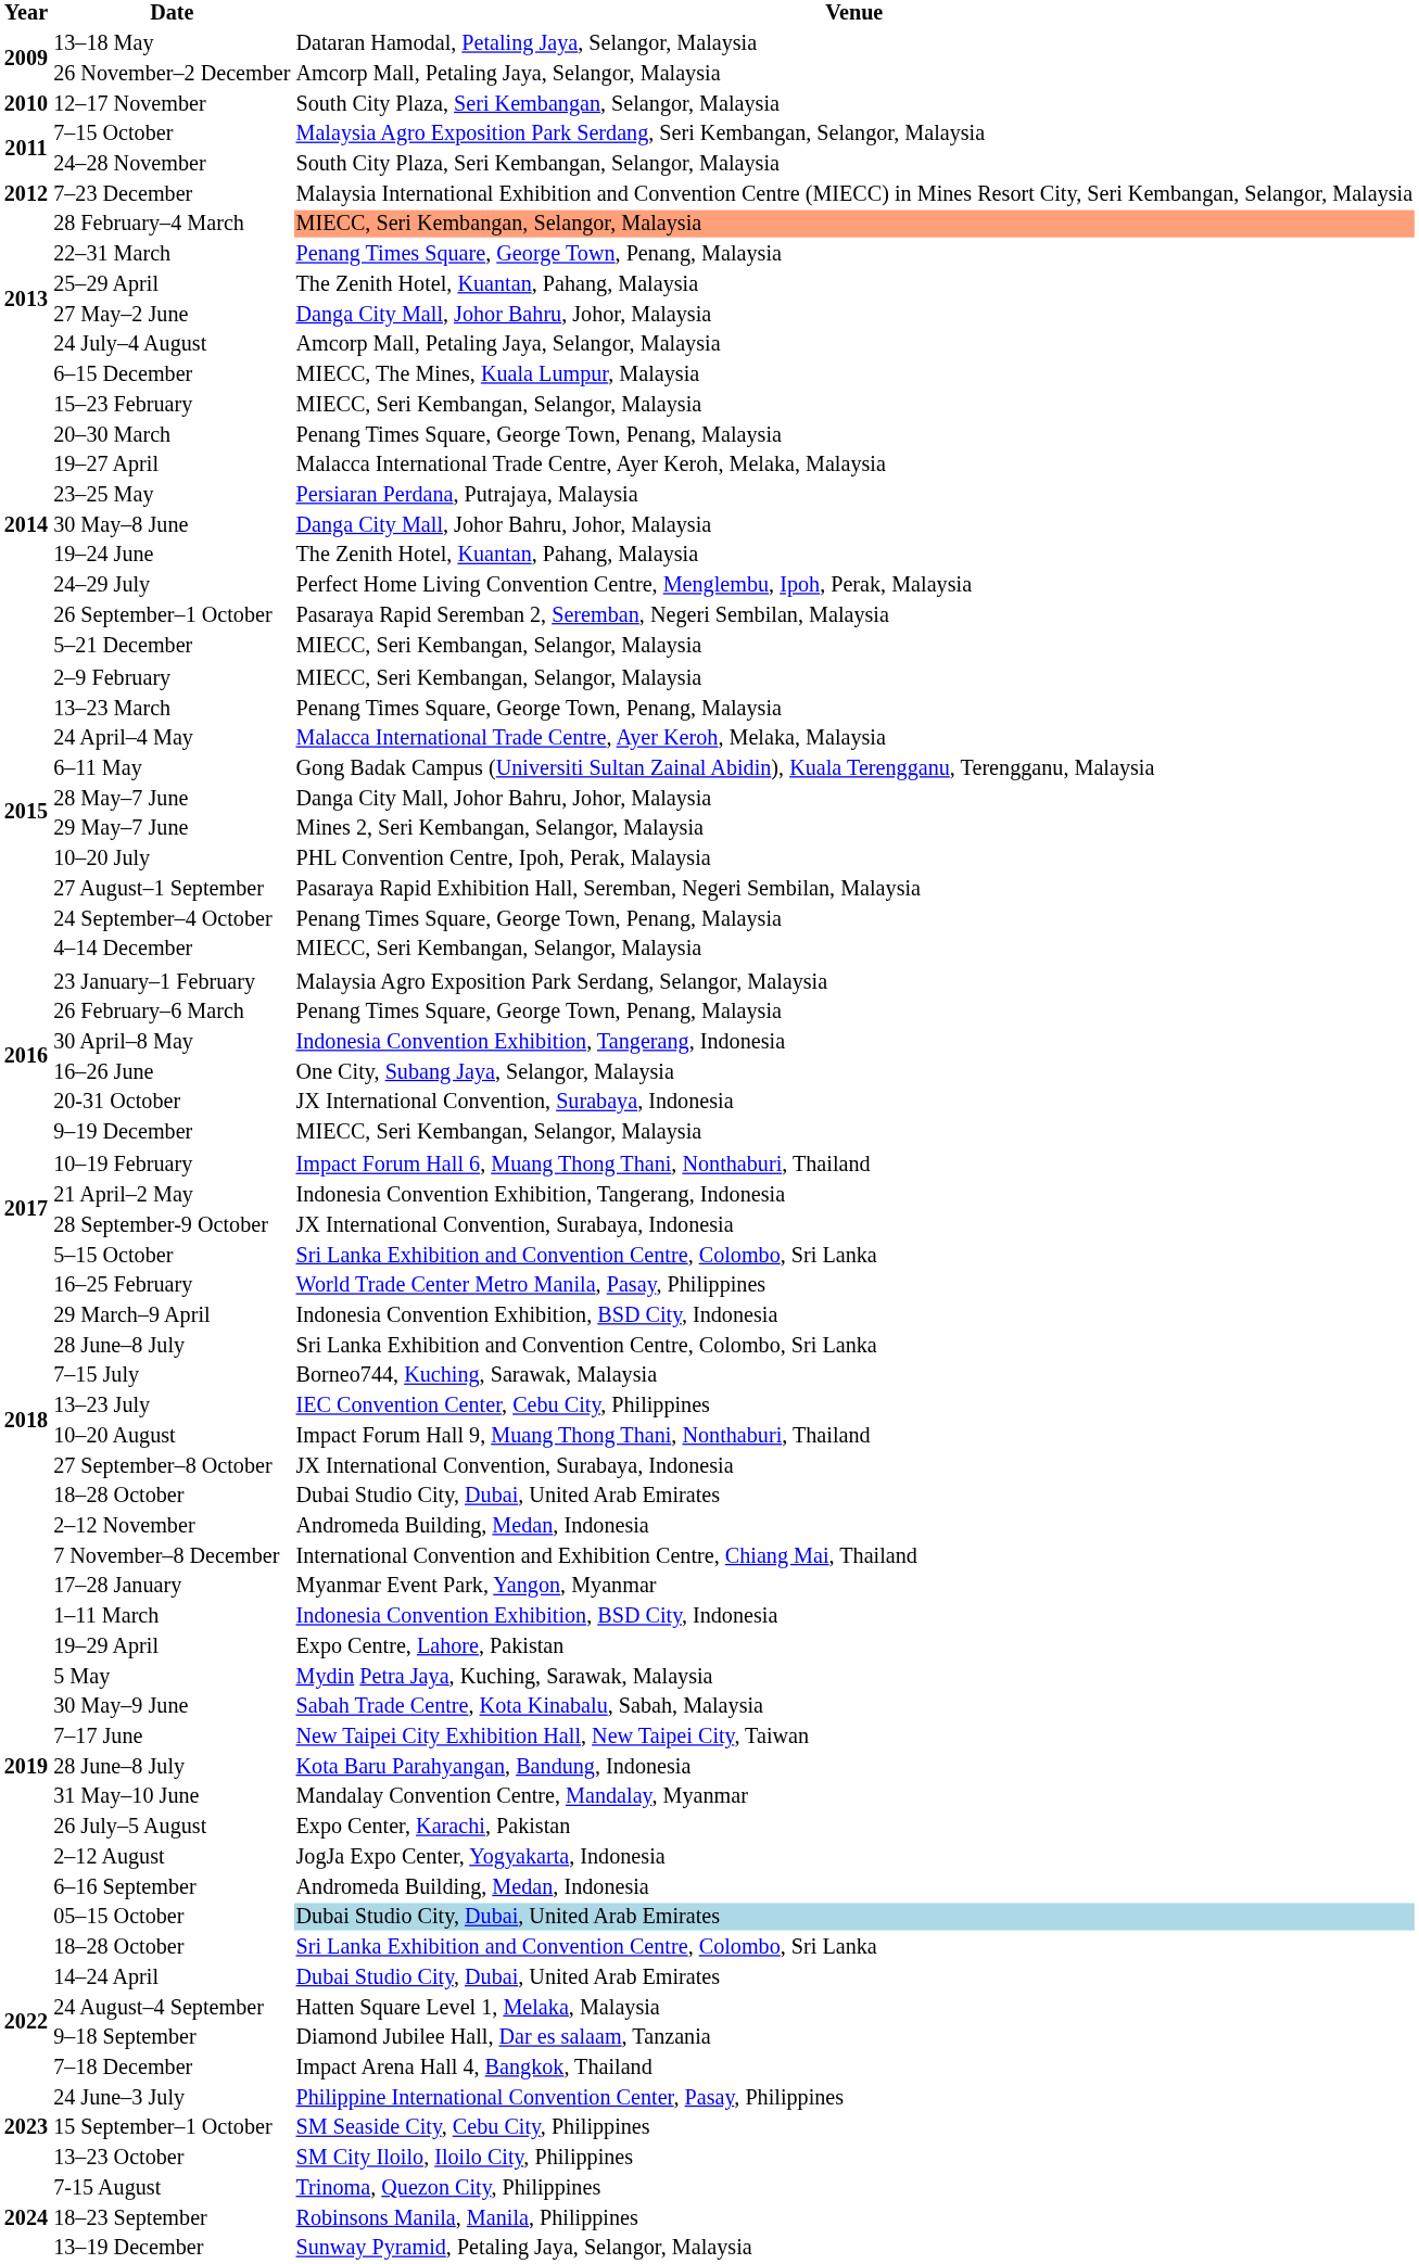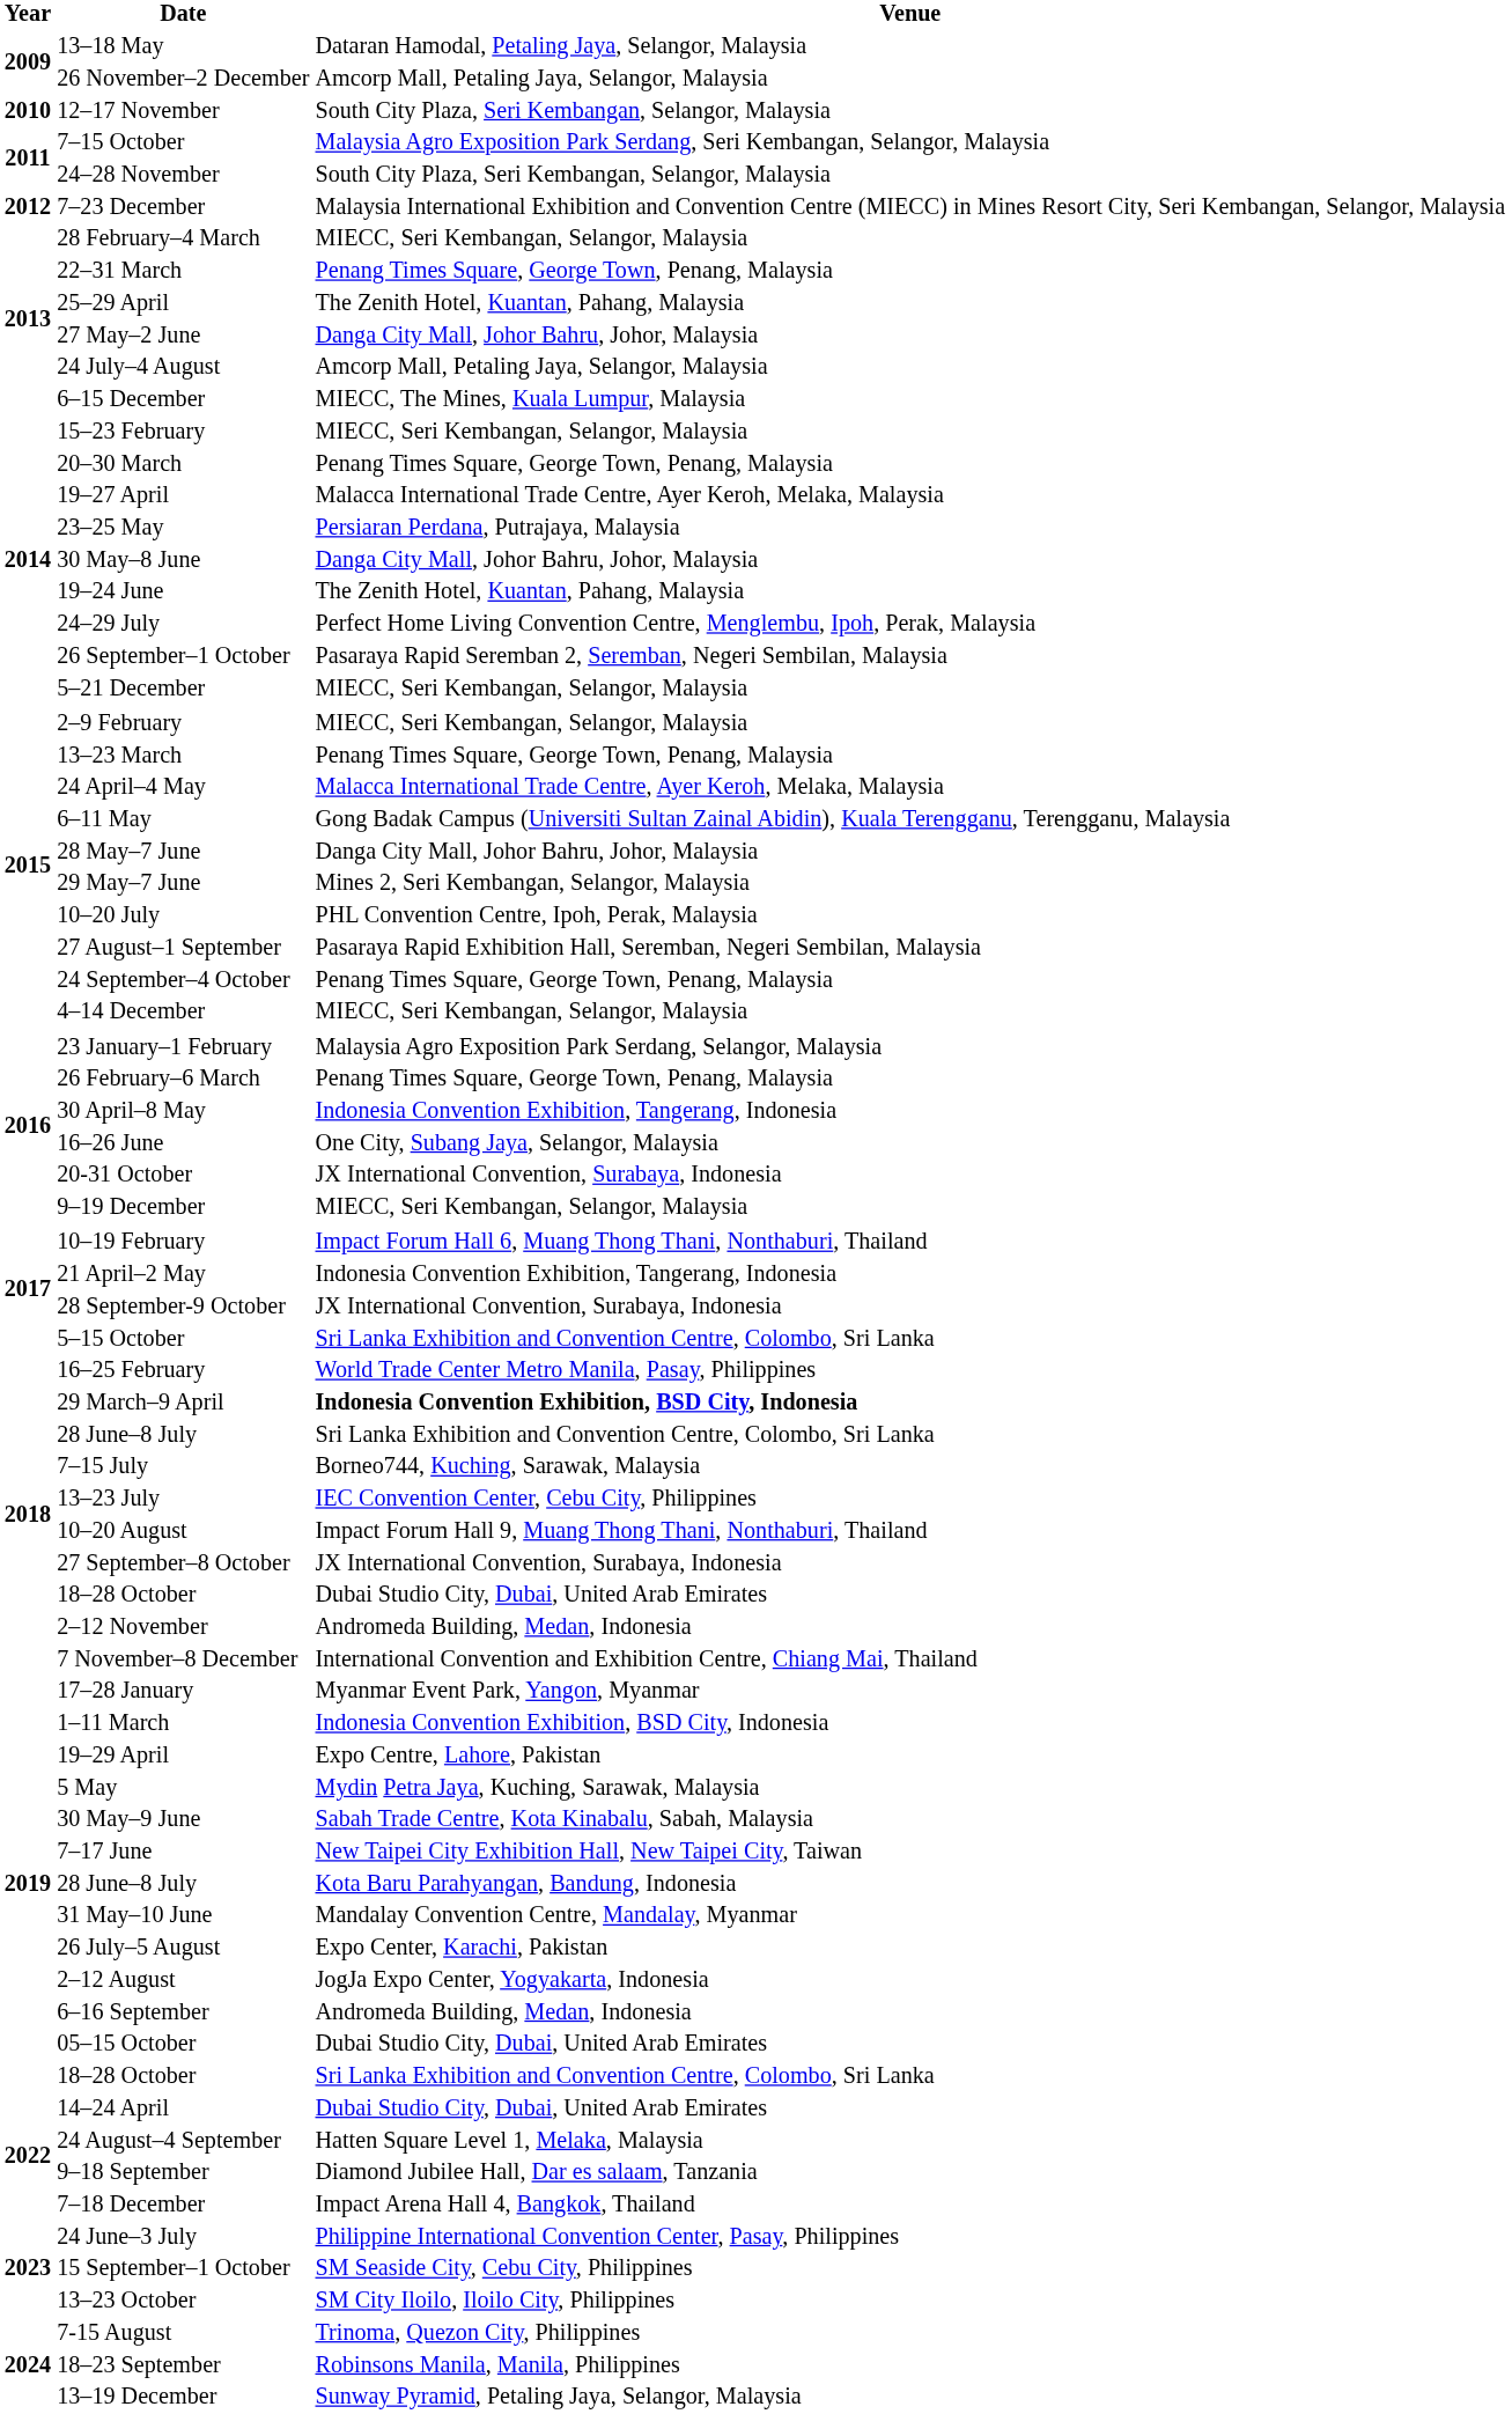 <table>
 <tr>
 <th><strong>Year</strong></th>
 <th><strong>Date</strong></th>
 <th><strong>Venue</strong></th>
 <th><strong></strong></th>
 </tr>
 <tr>
 <th rowspan="2"><strong>2009</strong></th>
 <td>13–18 May</td>
 <td>Dataran Hamodal, <a href='#'>Petaling Jaya</a>, Selangor, Malaysia</td>
 <td></td>
 </tr>
 <tr>
 <td>26 November–2 December</td>
 <td>Amcorp Mall, Petaling Jaya, Selangor, Malaysia</td>
 <td></td>
 </tr>
 <tr>
 <th><strong>2010</strong></th>
 <td>12–17 November</td>
 <td>South City Plaza, <a href='#'>Seri Kembangan</a>, Selangor, Malaysia</td>
 <td></td>
 </tr>
 <tr>
 <th rowspan="2"><strong>2011</strong></th>
 <td>7–15 October</td>
 <td><a href='#'>Malaysia Agro Exposition Park Serdang</a>, Seri Kembangan, Selangor, Malaysia</td>
 <td></td>
 </tr>
 <tr>
 <td>24–28 November</td>
 <td>South City Plaza, Seri Kembangan, Selangor, Malaysia</td>
 <td></td>
 </tr>
 <tr>
 <th><strong>2012</strong></th>
 <td>7–23 December</td>
 <td>Malaysia International Exhibition and Convention Centre (MIECC) in Mines Resort City, Seri Kembangan, Selangor, Malaysia</td>
 <td></td>
 </tr>
 <tr>
 <th rowspan="6"><strong>2013</strong></th>
 <td>28 February–4 March</td>
-<td style="background: lightsalmon;">MIECC, Seri Kembangan, Selangor, Malaysia</td>
+<td>MIECC, Seri Kembangan, Selangor, Malaysia</td>
 <td></td>
 </tr>
 <tr>
 <td>22–31 March</td>
 <td><a href='#'>Penang Times Square</a>, <a href='#'>George Town</a>, Penang, Malaysia</td>
 <td></td>
 </tr>
 <tr>
 <td>25–29 April</td>
 <td>The Zenith Hotel, <a href='#'>Kuantan</a>, Pahang, Malaysia</td>
 <td></td>
 </tr>
 <tr>
 <td>27 May–2 June</td>
 <td><a href='#'>Danga City Mall</a>, <a href='#'>Johor Bahru</a>, Johor, Malaysia</td>
 <td></td>
 </tr>
 <tr>
 <td>24 July–4 August</td>
 <td>Amcorp Mall, Petaling Jaya, Selangor, Malaysia</td>
 <td></td>
 </tr>
 <tr>
 <td>6–15 December</td>
 <td>MIECC, The Mines, <a href='#'>Kuala Lumpur</a>, Malaysia</td>
 <td></td>
 </tr>
 <tr>
 <th rowspan="9"><strong>2014</strong></th>
 <td>15–23 February</td>
 <td>MIECC, Seri Kembangan, Selangor, Malaysia</td>
 <td></td>
 </tr>
 <tr>
 <td>20–30 March</td>
 <td>Penang Times Square, George Town, Penang, Malaysia</td>
 <td></td>
 </tr>
 <tr>
 <td>19–27 April</td>
 <td>Malacca International Trade Centre, Ayer Keroh, Melaka, Malaysia</td>
 <td></td>
 </tr>
 <tr>
 <td>23–25 May</td>
 <td><a href='#'>Persiaran Perdana</a>, Putrajaya, Malaysia</td>
 <td></td>
 </tr>
 <tr>
 <td>30 May–8 June</td>
 <td><a href='#'>Danga City Mall</a>, Johor Bahru, Johor, Malaysia</td>
 <td></td>
 </tr>
 <tr>
 <td>19–24 June</td>
 <td>The Zenith Hotel, <a href='#'>Kuantan</a>, Pahang, Malaysia</td>
 <td></td>
 </tr>
 <tr>
 <td>24–29 July</td>
 <td>Perfect Home Living Convention Centre, <a href='#'>Menglembu</a>, <a href='#'>Ipoh</a>, Perak, Malaysia</td>
 <td></td>
 </tr>
 <tr>
 <td>26 September–1 October</td>
 <td>Pasaraya Rapid Seremban 2, <a href='#'>Seremban</a>, Negeri Sembilan, Malaysia</td>
 <td></td>
 </tr>
 <tr>
 <td>5–21 December</td>
 <td>MIECC, Seri Kembangan, Selangor, Malaysia</td>
 <td></td>
 </tr>
 <tr>
 <th rowspan="11"><strong>2015</strong></th>
 </tr>
 <tr>
 <td>2–9 February</td>
 <td>MIECC, Seri Kembangan, Selangor, Malaysia</td>
 <td></td>
 </tr>
 <tr>
 <td>13–23 March</td>
 <td>Penang Times Square, George Town, Penang, Malaysia</td>
 <td></td>
 </tr>
 <tr>
 <td>24 April–4 May</td>
 <td><a href='#'>Malacca International Trade Centre</a>, <a href='#'>Ayer Keroh</a>, Melaka, Malaysia</td>
 <td></td>
 </tr>
 <tr>
 <td>6–11 May</td>
 <td>Gong Badak Campus (<a href='#'>Universiti Sultan Zainal Abidin</a>), <a href='#'>Kuala Terengganu</a>, Terengganu, Malaysia</td>
 <td></td>
 </tr>
 <tr>
 <td>28 May–7 June</td>
 <td>Danga City Mall, Johor Bahru, Johor, Malaysia</td>
 <td></td>
 </tr>
 <tr>
 <td>29 May–7 June</td>
 <td>Mines 2, Seri Kembangan, Selangor, Malaysia</td>
 <td></td>
 </tr>
 <tr>
 <td>10–20 July</td>
 <td>PHL Convention Centre, Ipoh, Perak, Malaysia</td>
 <td></td>
 </tr>
 <tr>
 <td>27 August–1 September</td>
 <td>Pasaraya Rapid Exhibition Hall, Seremban, Negeri Sembilan, Malaysia</td>
 <td></td>
 </tr>
 <tr>
 <td>24 September–4 October</td>
 <td>Penang Times Square, George Town, Penang, Malaysia</td>
 <td></td>
 </tr>
 <tr>
 <td>4–14 December</td>
 <td>MIECC, Seri Kembangan, Selangor, Malaysia</td>
 <td></td>
 </tr>
 <tr>
 <th rowspan="7"><strong>2016</strong></th>
 </tr>
 <tr>
 <td>23 January–1 February</td>
 <td>Malaysia Agro Exposition Park Serdang, Selangor, Malaysia</td>
 <td></td>
 </tr>
 <tr>
 <td>26 February–6 March</td>
 <td>Penang Times Square, George Town, Penang, Malaysia</td>
 <td></td>
 </tr>
 <tr>
 <td>30 April–8 May</td>
 <td><a href='#'>Indonesia Convention Exhibition</a>, <a href='#'>Tangerang</a>, Indonesia</td>
 <td></td>
 </tr>
 <tr>
 <td>16–26 June</td>
 <td>One City, <a href='#'>Subang Jaya</a>, Selangor, Malaysia</td>
 <td></td>
 </tr>
 <tr>
 <td>20-31 October</td>
 <td>JX International Convention, <a href='#'>Surabaya</a>, Indonesia</td>
 <td></td>
 </tr>
 <tr>
 <td>9–19 December</td>
 <td>MIECC, Seri Kembangan, Selangor, Malaysia</td>
 <td></td>
 </tr>
 <tr>
 <th rowspan="5"><strong>2017</strong></th>
 </tr>
 <tr>
 <td>10–19 February</td>
 <td><a href='#'>Impact Forum Hall 6</a>, <a href='#'>Muang Thong Thani</a>, <a href='#'>Nonthaburi</a>, Thailand</td>
 <td></td>
 </tr>
 <tr>
 <td>21 April–2 May</td>
 <td>Indonesia Convention Exhibition, Tangerang, Indonesia</td>
 <td></td>
 </tr>
 <tr>
 <td>28 September-9 October</td>
 <td>JX International Convention, Surabaya, Indonesia</td>
 <td></td>
 </tr>
 <tr>
 <td>5–15 October</td>
 <td><a href='#'>Sri Lanka Exhibition and Convention Centre</a>, <a href='#'>Colombo</a>, Sri Lanka</td>
 <td></td>
 </tr>
 <tr>
 <th rowspan="10"><strong>2018</strong></th>
 <td>16–25 February</td>
 <td><a href='#'>World Trade Center Metro Manila</a>, <a href='#'>Pasay</a>, Philippines</td>
 <td></td>
 </tr>
 <tr>
 <td>29 March–9 April</td>
-<td>Indonesia Convention Exhibition, <a href='#'>BSD City</a>, Indonesia</td>
+<td><strong>Indonesia Convention Exhibition, <a href='#'>BSD City</a>, Indonesia</strong></td>
 <td></td>
 </tr>
 <tr>
 <td>28 June–8 July</td>
 <td>Sri Lanka Exhibition and Convention Centre, Colombo, Sri Lanka</td>
 <td></td>
 </tr>
 <tr>
 <td>7–15 July</td>
 <td>Borneo744, <a href='#'>Kuching</a>, Sarawak, Malaysia</td>
 <td></td>
 </tr>
 <tr>
 <td>13–23 July</td>
 <td><a href='#'>IEC Convention Center</a>, <a href='#'>Cebu City</a>, Philippines</td>
 <td></td>
 </tr>
 <tr>
 <td>10–20 August</td>
 <td>Impact Forum Hall 9, <a href='#'>Muang Thong Thani</a>, <a href='#'>Nonthaburi</a>, Thailand</td>
 <td></td>
 </tr>
 <tr>
 <td>27 September–8 October</td>
 <td>JX International Convention, Surabaya, Indonesia</td>
 <td></td>
 </tr>
 <tr>
 <td>18–28 October</td>
 <td>Dubai Studio City, <a href='#'>Dubai</a>, United Arab Emirates</td>
 <td></td>
 </tr>
 <tr>
 <td>2–12 November</td>
 <td>Andromeda Building, <a href='#'>Medan</a>, Indonesia</td>
 <td></td>
 </tr>
 <tr>
 <td>7 November–8 December</td>
 <td>International Convention and Exhibition Centre, <a href='#'>Chiang Mai</a>, Thailand</td>
 <td></td>
 </tr>
 <tr>
 <th rowspan="13"><strong>2019</strong></th>
 <td>17–28 January</td>
 <td>Myanmar Event Park, <a href='#'>Yangon</a>, Myanmar</td>
 <td></td>
 </tr>
 <tr>
 <td>1–11 March</td>
 <td><a href='#'>Indonesia Convention Exhibition</a>, <a href='#'>BSD City</a>, Indonesia</td>
 <td></td>
 </tr>
 <tr>
 <td>19–29 April</td>
 <td>Expo Centre, <a href='#'>Lahore</a>, Pakistan</td>
 <td></td>
 </tr>
 <tr>
 <td>5 May</td>
 <td><a href='#'>Mydin</a> <a href='#'>Petra Jaya</a>, Kuching, Sarawak, Malaysia</td>
 <td></td>
 </tr>
 <tr>
 <td>30 May–9 June</td>
 <td><a href='#'>Sabah Trade Centre</a>, <a href='#'>Kota Kinabalu</a>, Sabah, Malaysia</td>
 <td></td>
 </tr>
 <tr>
 <td>7–17 June</td>
 <td><a href='#'>New Taipei City Exhibition Hall</a>, <a href='#'>New Taipei City</a>, Taiwan</td>
 <td></td>
 </tr>
 <tr>
 <td>28 June–8 July</td>
 <td><a href='#'>Kota Baru Parahyangan</a>, <a href='#'>Bandung</a>, Indonesia</td>
 <td></td>
 </tr>
 <tr>
 <td>31 May–10 June</td>
 <td>Mandalay Convention Centre, <a href='#'>Mandalay</a>, Myanmar</td>
 <td></td>
 </tr>
 <tr>
 <td>26 July–5 August</td>
 <td>Expo Center, <a href='#'>Karachi</a>, Pakistan</td>
 </tr>
 <tr>
 <td>2–12 August</td>
 <td>JogJa Expo Center, <a href='#'>Yogyakarta</a>, Indonesia</td>
 <td></td>
 </tr>
 <tr>
 <td>6–16 September</td>
 <td>Andromeda Building, <a href='#'>Medan</a>, Indonesia</td>
 <td></td>
 </tr>
 <tr>
 <td>05–15 October</td>
-<td style="background: lightblue;">Dubai Studio City, <a href='#'>Dubai</a>, United Arab Emirates</td>
+<td>Dubai Studio City, <a href='#'>Dubai</a>, United Arab Emirates</td>
 <td></td>
 </tr>
 <tr>
 <td>18–28 October</td>
 <td><a href='#'>Sri Lanka Exhibition and Convention Centre</a>, <a href='#'>Colombo</a>, Sri Lanka</td>
 <td></td>
 </tr>
 <tr>
 <th rowspan="4"><strong>2022</strong></th>
 <td>14–24 April</td>
 <td><a href='#'>Dubai Studio City</a>, <a href='#'>Dubai</a>, United Arab Emirates</td>
 <td></td>
 </tr>
 <tr>
 <td>24 August–4 September</td>
 <td>Hatten Square Level 1, <a href='#'>Melaka</a>, Malaysia</td>
 <td></td>
 </tr>
 <tr>
 <td>9–18 September</td>
 <td>Diamond Jubilee Hall, <a href='#'>Dar es salaam</a>, Tanzania</td>
 <td></td>
 </tr>
 <tr>
 <td>7–18 December</td>
 <td>Impact Arena Hall 4, <a href='#'>Bangkok</a>, Thailand</td>
 <td></td>
 </tr>
 <tr>
 <th rowspan="3"><strong>2023</strong></th>
 <td>24 June–3 July</td>
 <td><a href='#'>Philippine International Convention Center</a>, <a href='#'>Pasay</a>, Philippines</td>
 <td></td>
 </tr>
 <tr>
 <td>15 September–1 October</td>
 <td><a href='#'>SM Seaside City</a>, <a href='#'>Cebu City</a>, Philippines</td>
 <td></td>
 </tr>
 <tr>
 <td>13–23 October</td>
 <td><a href='#'>SM City Iloilo</a>, <a href='#'>Iloilo City</a>, Philippines</td>
 <td></td>
 </tr>
 <tr>
 <th rowspan="3"><strong>2024</strong></th>
 <td>7-15 August</td>
 <td><a href='#'>Trinoma</a>, <a href='#'>Quezon City</a>, Philippines</td>
 <td></td>
 </tr>
 <tr>
 <td>18–23 September</td>
 <td><a href='#'>Robinsons Manila</a>, <a href='#'>Manila</a>, Philippines</td>
 <td></td>
 </tr>
 <tr>
 <td>13–19 December</td>
 <td><a href='#'>Sunway Pyramid</a>, Petaling Jaya, Selangor, Malaysia</td>
 </tr>
 </table>
